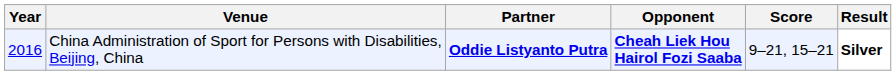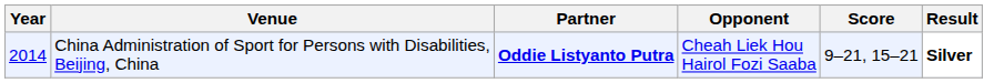 <table class="sortable wikitable" style="font-size: 90%;">
 <tr>
 <th>Year</th>
 <th>Venue</th>
 <th>Partner</th>
 <th>Opponent</th>
 <th>Score</th>
 <th>Result</th>
 </tr>
 <tr style="background:#ECF2FF">
-<td align="center"><a href='#'>2016</a></td>
+<td align="center"><a href='#'>2014</a></td>
 <td align="left">China Administration of Sport for Persons with Disabilities,<br><a href='#'>Beijing</a>, China</td>
 <td align="left"><strong> <a href='#'>Oddie Listyanto Putra</a></strong></td>
-<td align="left"><strong> <a href='#'>Cheah Liek Hou</a><br> <a href='#'>Hairol Fozi Saaba</a></strong></td>
+<td align="left"> <a href='#'>Cheah Liek Hou</a><br> <a href='#'>Hairol Fozi Saaba</a></td>
 <td align="left">9–21, 15–21</td>
 <td style="text-align:left; background:white"> <strong>Silver</strong></td>
 </tr>
 </table>
